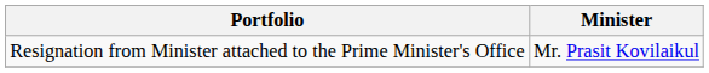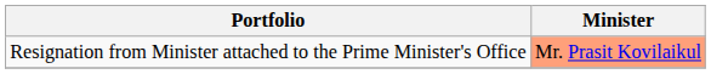 <table class="wikitable">
 <tr>
 <th>Portfolio</th>
 <th>Minister</th>
 </tr>
 <tr>
 <td>Resignation from Minister attached to the Prime Minister's Office</td>
-<td>Mr. <a href='#'>Prasit Kovilaikul</a></td>
+<td style="background: lightsalmon;">Mr. <a href='#'>Prasit Kovilaikul</a></td>
 </tr>
 <tr>
 </tr>
 </table>
